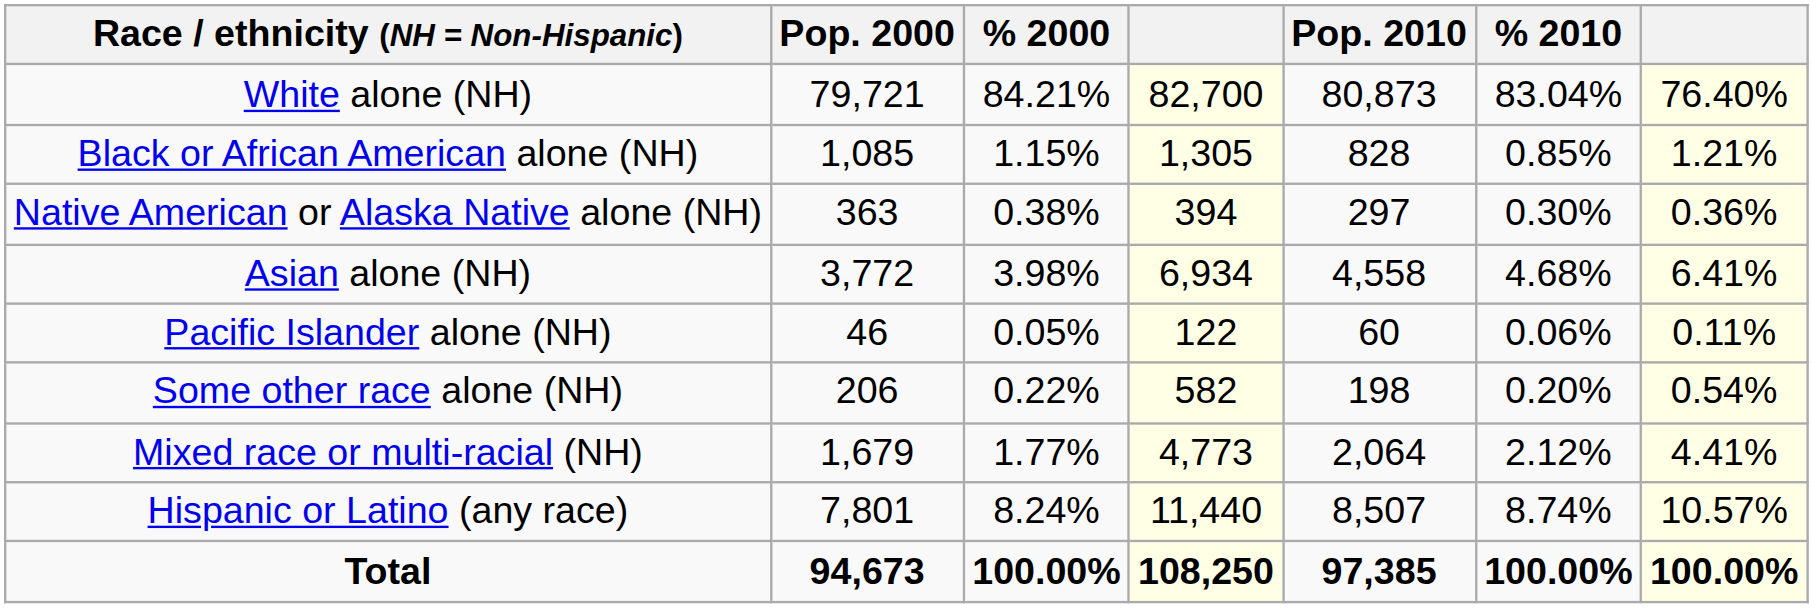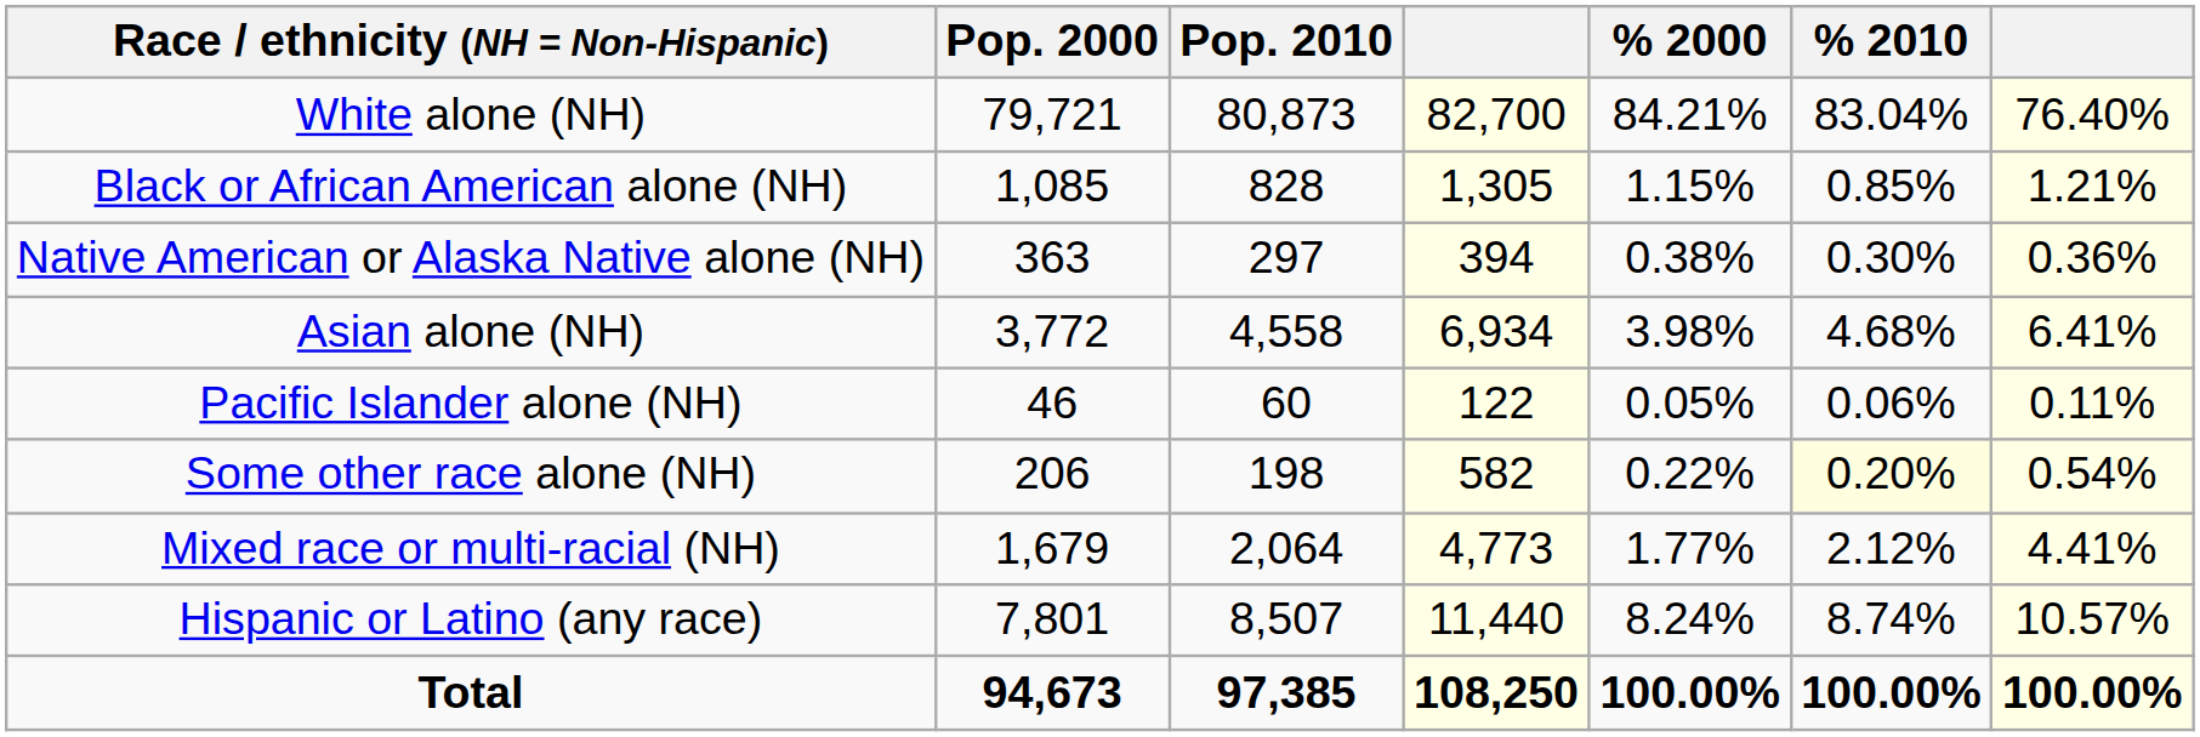 <table class="wikitable" style="text-align:center;">
 <tr>
 <th>Race / ethnicity <small>(<em>NH = Non-Hispanic</em>)</small></th>
 <th>Pop. 2000</th>
+<th>Pop. 2010</th>
+<th></th>
 <th>% 2000</th>
-<th></th>
-<th>Pop. 2010</th>
 <th>% 2010</th>
 <th></th>
 </tr>
 <tr>
 <td><a href='#'>White</a> alone (NH)</td>
 <td>79,721</td>
+<td>80,873</td>
+<td style='background: #ffffe6;'>82,700</td>
 <td>84.21%</td>
-<td style='background: #ffffe6;'>82,700</td>
-<td>80,873</td>
 <td>83.04%</td>
 <td style='background: #ffffe6;'>76.40%</td>
 </tr>
 <tr>
 <td><a href='#'>Black or African American</a> alone (NH)</td>
 <td>1,085</td>
+<td>828</td>
+<td style='background: #ffffe6;'>1,305</td>
 <td>1.15%</td>
-<td style='background: #ffffe6;'>1,305</td>
-<td>828</td>
 <td>0.85%</td>
 <td style='background: #ffffe6;'>1.21%</td>
 </tr>
 <tr>
 <td><a href='#'>Native American</a> or <a href='#'>Alaska Native</a> alone (NH)</td>
 <td>363</td>
+<td>297</td>
+<td style='background: #ffffe6;'>394</td>
 <td>0.38%</td>
-<td style='background: #ffffe6;'>394</td>
-<td>297</td>
 <td>0.30%</td>
 <td style='background: #ffffe6;'>0.36%</td>
 </tr>
 <tr>
 <td><a href='#'>Asian</a> alone (NH)</td>
 <td>3,772</td>
+<td>4,558</td>
+<td style='background: #ffffe6;'>6,934</td>
 <td>3.98%</td>
-<td style='background: #ffffe6;'>6,934</td>
-<td>4,558</td>
 <td>4.68%</td>
 <td style='background: #ffffe6;'>6.41%</td>
 </tr>
 <tr>
 <td><a href='#'>Pacific Islander</a> alone (NH)</td>
 <td>46</td>
+<td>60</td>
+<td style='background: #ffffe6;'>122</td>
 <td>0.05%</td>
-<td style='background: #ffffe6;'>122</td>
-<td>60</td>
 <td>0.06%</td>
 <td style='background: #ffffe6;'>0.11%</td>
 </tr>
 <tr>
 <td><a href='#'>Some other race</a> alone (NH)</td>
 <td>206</td>
+<td>198</td>
+<td style='background: #ffffe6;'>582</td>
 <td>0.22%</td>
-<td style='background: #ffffe6;'>582</td>
-<td>198</td>
-<td>0.20%</td>
+<td style="background: lightyellow;">0.20%</td>
 <td style='background: #ffffe6;'>0.54%</td>
 </tr>
 <tr>
 <td><a href='#'>Mixed race or multi-racial</a> (NH)</td>
 <td>1,679</td>
+<td>2,064</td>
+<td style='background: #ffffe6;'>4,773</td>
 <td>1.77%</td>
-<td style='background: #ffffe6;'>4,773</td>
-<td>2,064</td>
 <td>2.12%</td>
 <td style='background: #ffffe6;'>4.41%</td>
 </tr>
 <tr>
 <td><a href='#'>Hispanic or Latino</a> (any race)</td>
 <td>7,801</td>
+<td>8,507</td>
+<td style='background: #ffffe6;'>11,440</td>
 <td>8.24%</td>
-<td style='background: #ffffe6;'>11,440</td>
-<td>8,507</td>
 <td>8.74%</td>
 <td style='background: #ffffe6;'>10.57%</td>
 </tr>
 <tr>
 <td><strong>Total</strong></td>
 <td><strong>94,673</strong></td>
+<td><strong>97,385</strong></td>
+<td style='background: #ffffe6;'><strong>108,250</strong></td>
 <td><strong>100.00%</strong></td>
-<td style='background: #ffffe6;'><strong>108,250</strong></td>
-<td><strong>97,385</strong></td>
 <td><strong>100.00%</strong></td>
 <td style='background: #ffffe6;'><strong>100.00%</strong></td>
 </tr>
 </table>
